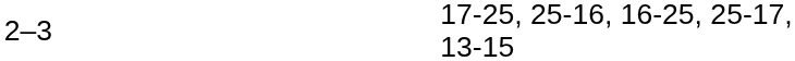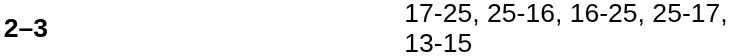 <table>
 <tr>
 <th width=190></th>
 <th width=60></th>
 <th width=190></th>
 <th width=200></th>
 </tr>
 <tr>
 <td align=right></td>
-<td align=center>2–3</td>
+<td align=center><strong>2–3</strong></td>
 <td><strong></strong></td>
 <td>17-25, 25-16, 16-25, 25-17, 13-15</td>
 </tr>
 </table>
